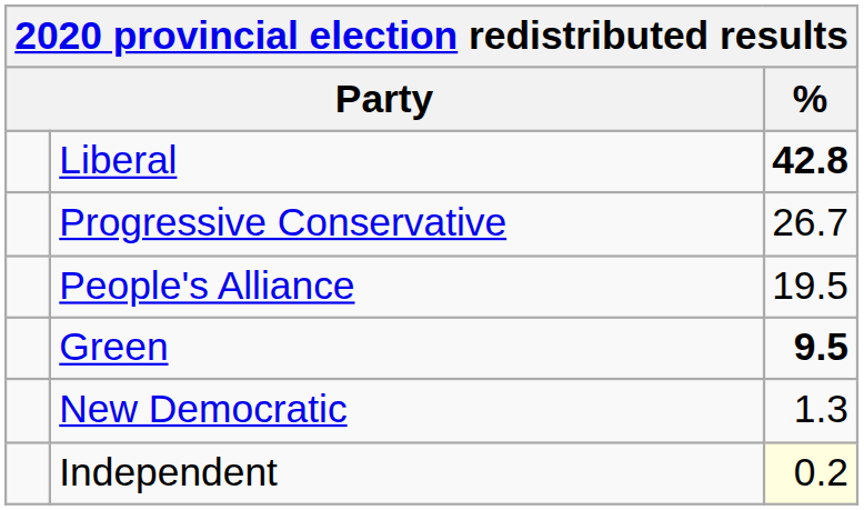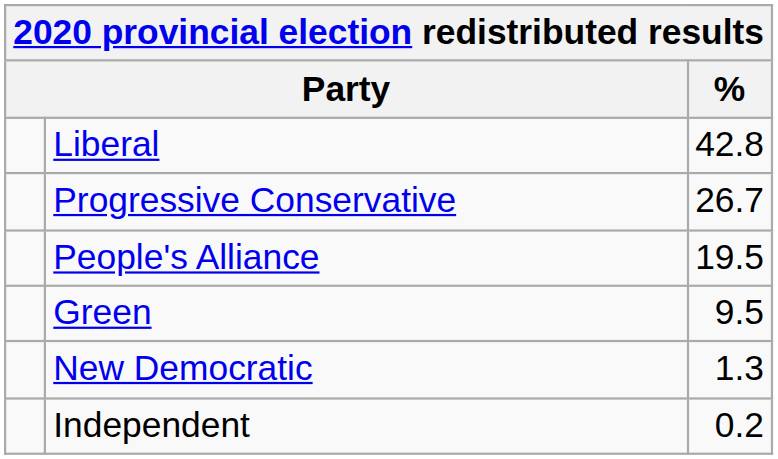 <table class="wikitable">
 <tr>
 <th colspan="4"><a href='#'>2020 provincial election</a> redistributed results</th>
 </tr>
 <tr>
 <th bgcolor="#DDDDFF" width="130px" colspan="2">Party</th>
 <th bgcolor="#DDDDFF" width="30px">%</th>
 </tr>
 <tr>
 <td> </td>
 <td><a href='#'>Liberal</a></td>
-<td align=right><strong>42.8</strong></td>
+<td align=right>42.8</td>
 </tr>
 <tr>
 <td> </td>
 <td><a href='#'>Progressive Conservative</a></td>
 <td align=right>26.7</td>
 </tr>
 <tr>
 <td> </td>
 <td><a href='#'>People's Alliance</a></td>
 <td align=right>19.5</td>
 </tr>
 <tr>
 <td> </td>
 <td><a href='#'>Green</a></td>
-<td align=right><strong>9.5</strong></td>
+<td align=right>9.5</td>
 </tr>
 <tr>
 <td> </td>
 <td><a href='#'>New Democratic</a></td>
 <td align=right>1.3</td>
 </tr>
 <tr>
 <td> </td>
 <td>Independent</td>
-<td align=right style="background: lightyellow;">0.2</td>
+<td align=right>0.2</td>
 </tr>
 </table>
